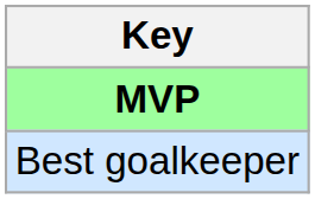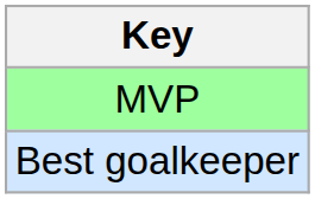 <table class="wikitable" style="text-align:center">
 <tr>
 <th>Key</th>
 </tr>
 <tr bgcolor="#9eff9e">
-<td><strong>MVP</strong></td>
+<td>MVP</td>
 </tr>
 <tr bgcolor="#d0e7ff">
 <td>Best goalkeeper</td>
 </tr>
 </table>
